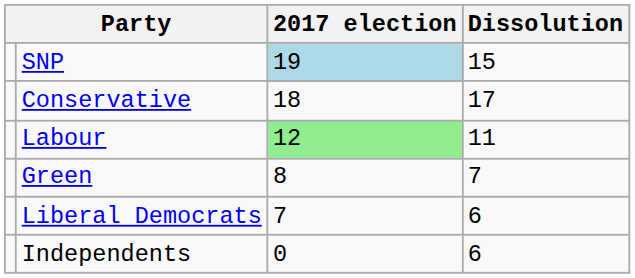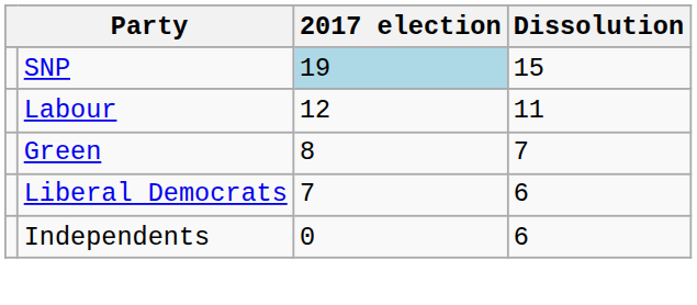 <table class="wikitable">
 <tr>
 <th scope="col" colspan="2">Party</th>
 <th scope="col">2017 election</th>
 <th scope="col">Dissolution</th>
 </tr>
 <tr>
 <td style="background:"></td>
 <td><a href='#'>SNP</a></td>
 <td style="background: lightblue;">19</td>
 <td>15</td>
 </tr>
 <tr>
 <td style="background:"></td>
-<td><a href='#'>Conservative</a></td>
-<td>18</td>
-<td>17</td>
-</tr>
-<tr>
-<td style="background:"></td>
 <td><a href='#'>Labour</a></td>
-<td style="background: lightgreen;">12</td>
+<td>12</td>
 <td>11</td>
 </tr>
 <tr>
 <td style="background:"></td>
 <td><a href='#'>Green</a></td>
 <td>8</td>
 <td>7</td>
 </tr>
 <tr>
 <td style="background:"></td>
 <td><a href='#'>Liberal Democrats</a></td>
 <td>7</td>
 <td>6</td>
 </tr>
 <tr>
 <td style="background:"></td>
 <td>Independents</td>
 <td>0</td>
 <td>6</td>
 </tr>
 </table>
